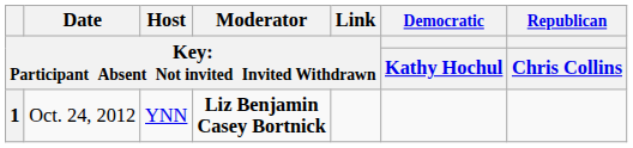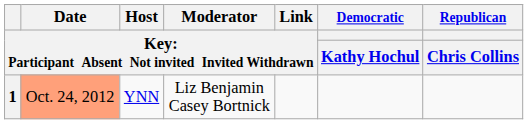 <table class="wikitable" style="text-align:center;">
 <tr>
 <th scope="col"></th>
 <th scope="col">Date</th>
 <th scope="col">Host</th>
 <th scope="col">Moderator</th>
 <th scope="col">Link</th>
 <th scope="col"><small><a href='#'>Democratic</a></small></th>
 <th scope="col"><small><a href='#'>Republican</a></small></th>
 </tr>
 <tr>
 <th colspan="5" rowspan="2">Key:<br> <small>Participant </small>  <small>Absent </small>  <small>Not invited </small>  <small>Invited  Withdrawn</small></th>
 <th scope="col" style="background:"></th>
 <th scope="col" style="background:"></th>
 </tr>
 <tr>
 <th scope="col"><a href='#'>Kathy Hochul</a></th>
 <th scope="col"><a href='#'>Chris Collins</a></th>
 </tr>
 <tr>
 <th>1</th>
-<td style="white-space:nowrap;">Oct. 24, 2012</td>
+<td style="background: lightsalmon; white-space:nowrap;">Oct. 24, 2012</td>
 <td style="white-space:nowrap;"><a href='#'>YNN</a></td>
-<td style="white-space:nowrap;"><strong>Liz Benjamin<br>Casey Bortnick</strong></td>
+<td style="white-space:nowrap;">Liz Benjamin<br>Casey Bortnick</td>
 <td style="white-space:nowrap;"></td>
 <td></td>
 <td></td>
 </tr>
 </table>
